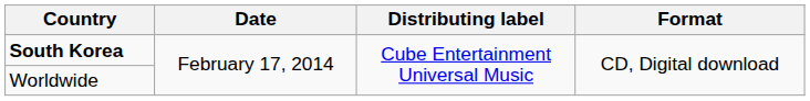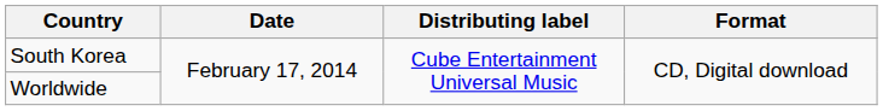 <table class="wikitable" style="width:670px;">
 <tr>
 <th>Country</th>
 <th>Date</th>
 <th>Distributing label</th>
 <th>Format</th>
 </tr>
 <tr>
-<td><strong>South Korea</strong></td>
+<td>South Korea</td>
 <td rowspan="2" style="text-align:center;">February 17, 2014</td>
 <td rowspan="2" style="text-align:center;"><a href='#'>Cube Entertainment</a><br> <a href='#'>Universal Music</a></td>
 <td rowspan="2" style="text-align:center;">CD, Digital download</td>
 </tr>
 <tr>
 <td>Worldwide</td>
 </tr>
 </table>
